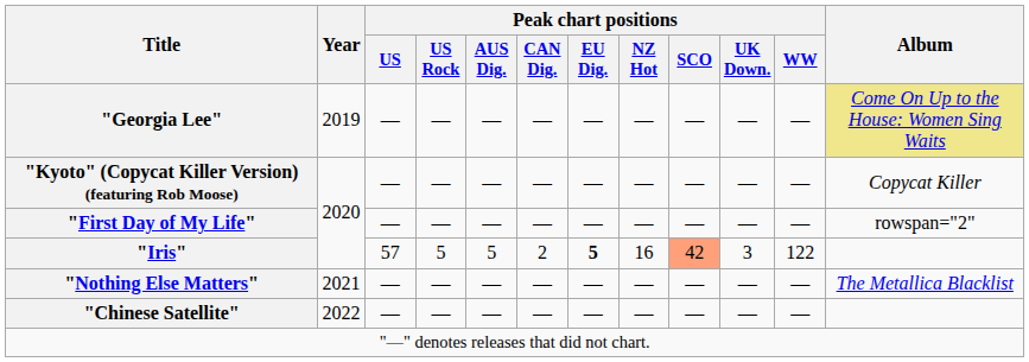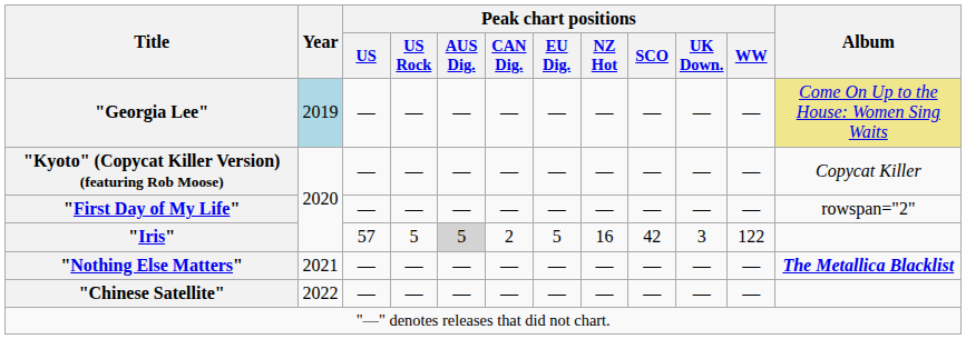 <table class="wikitable plainrowheaders" style="text-align:center;">
 <tr>
 <th scope="col" rowspan="2" style="width:16em;">Title</th>
 <th scope="col" rowspan="2" style="width:1em;">Year</th>
 <th scope="col" colspan="9">Peak chart positions</th>
 <th scope="col" rowspan="2" style="width:10em;">Album</th>
 </tr>
 <tr>
 <th scope="col" style="width:2.5em;font-size:90%;"><a href='#'>US</a><br></th>
 <th scope="col" style="width:2.5em;font-size:90%;"><a href='#'>US<br>Rock</a><br></th>
 <th scope="col" style="width:2.5em;font-size:90%;"><a href='#'>AUS<br>Dig.</a><br></th>
 <th scope="col" style="width:2.5em;font-size:90%;"><a href='#'>CAN<br>Dig.</a><br></th>
 <th scope="col" style="width:2.5em;font-size:90%;"><a href='#'>EU Dig.</a><br></th>
 <th scope="col" style="width:2.5em;font-size:90%;"><a href='#'>NZ<br>Hot</a><br></th>
 <th scope="col" style="width:2.5em;font-size:90%;"><a href='#'>SCO</a><br></th>
 <th scope="col" style="width:2.5em;font-size:90%;"><a href='#'>UK<br>Down.</a><br></th>
 <th scope="col" style="width:2.5em;font-size:90%;"><a href='#'>WW</a><br></th>
 </tr>
 <tr>
 <th scope="row">"Georgia Lee"</th>
-<td>2019</td>
+<td style="background: lightblue;">2019</td>
 <td>—</td>
 <td>—</td>
 <td>—</td>
 <td>—</td>
 <td>—</td>
 <td>—</td>
 <td>—</td>
 <td>—</td>
 <td>—</td>
 <td style="background: khaki;"><em><a href='#'>Come On Up to the House: Women Sing Waits</a></em></td>
 </tr>
 <tr>
 <th scope="row">"Kyoto" (Copycat Killer Version)<br><small>(featuring Rob Moose)</small></th>
 <td rowspan="3">2020</td>
 <td>—</td>
 <td>—</td>
 <td>—</td>
 <td>—</td>
 <td>—</td>
 <td>—</td>
 <td>—</td>
 <td>—</td>
 <td>—</td>
 <td><em>Copycat Killer</em></td>
 </tr>
 <tr>
 <th scope="row">"<a href='#'>First Day of My Life</a>"<br></th>
 <td>—</td>
 <td>—</td>
 <td>—</td>
 <td>—</td>
 <td>—</td>
 <td>—</td>
 <td>—</td>
 <td>—</td>
 <td>—</td>
 <td>rowspan="2" </td>
 </tr>
 <tr>
 <th scope="row">"<a href='#'>Iris</a>"<br></th>
 <td>57</td>
 <td>5</td>
+<td style="background: lightgrey;">5</td>
+<td>2</td>
 <td>5</td>
-<td>2</td>
-<td><strong>5</strong></td>
 <td>16</td>
-<td style="background: lightsalmon;">42</td>
+<td>42</td>
 <td>3</td>
 <td>122</td>
 </tr>
 <tr>
 <th scope="row">"<a href='#'>Nothing Else Matters</a>"</th>
 <td>2021</td>
 <td>—</td>
 <td>—</td>
 <td>—</td>
 <td>—</td>
 <td>—</td>
 <td>—</td>
 <td>—</td>
 <td>—</td>
 <td>—</td>
-<td><em><a href='#'>The Metallica Blacklist</a></em></td>
+<td><strong><em><a href='#'>The Metallica Blacklist</a></em></strong></td>
 </tr>
 <tr>
 <th scope="row">"Chinese Satellite"<br></th>
 <td>2022</td>
 <td>—</td>
 <td>—</td>
 <td>—</td>
 <td>—</td>
 <td>—</td>
 <td>—</td>
 <td>—</td>
 <td>—</td>
 <td>—</td>
 <td></td>
 </tr>
 <tr>
 <td colspan="17" style="font-size:90%">"—" denotes releases that did not chart.</td>
 </tr>
 </table>
